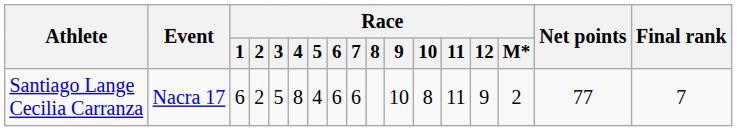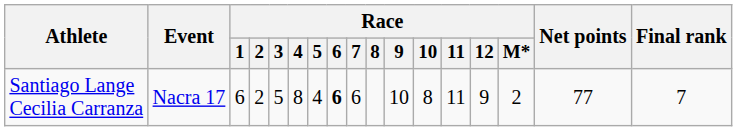 <table class="wikitable" style="font-size:90%">
 <tr>
 <th rowspan="2">Athlete</th>
 <th rowspan="2">Event</th>
 <th colspan=13>Race</th>
 <th rowspan=2>Net points</th>
 <th rowspan=2>Final rank</th>
 </tr>
 <tr style="font-size:95%">
 <th>1</th>
 <th>2</th>
 <th>3</th>
 <th>4</th>
 <th>5</th>
 <th>6</th>
 <th>7</th>
 <th>8</th>
 <th>9</th>
 <th>10</th>
 <th>11</th>
 <th>12</th>
 <th>M*</th>
 </tr>
 <tr align=center>
 <td align=left><a href='#'>Santiago Lange</a><br><a href='#'>Cecilia Carranza</a></td>
 <td align=left><a href='#'>Nacra 17</a></td>
 <td>6</td>
 <td>2</td>
 <td>5</td>
 <td>8</td>
 <td>4</td>
-<td>6</td>
+<td><strong>6</strong></td>
 <td>6</td>
 <td></td>
 <td>10</td>
 <td>8</td>
 <td>11</td>
 <td>9</td>
 <td>2</td>
 <td>77</td>
 <td>7</td>
 </tr>
 </table>
